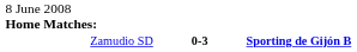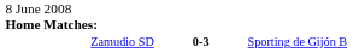 <table width=100% cellspacing=1>
 <tr>
 <th width=20%></th>
 <th width=12%></th>
 <th width=20%></th>
 <th></th>
 </tr>
 <tr>
 <td>8 June 2008<br><strong>Home Matches:</strong></td>
 </tr>
 <tr style=font-size:90%>
 <td align=right><a href='#'>Zamudio SD</a></td>
 <td align=center><strong>0-3</strong></td>
-<td><strong><a href='#'>Sporting de Gijón B</a></strong></td>
+<td><a href='#'>Sporting de Gijón B</a></td>
 </tr>
 </table>
